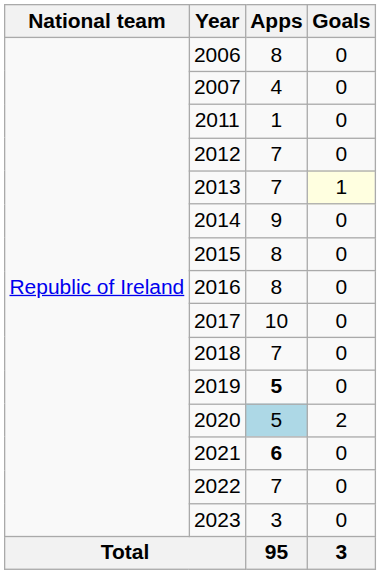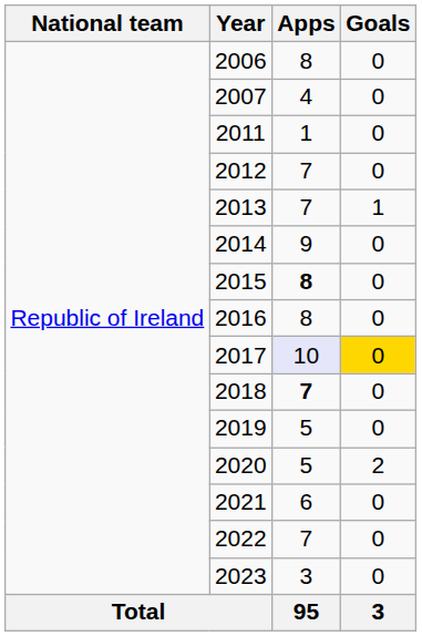 <table class="sortable wikitable" style="text-align:center">
 <tr>
 <th scope="col">National team</th>
 <th scope="col">Year</th>
 <th !scope="col">Apps</th>
 <th !scope="col">Goals</th>
 </tr>
 <tr>
 <td rowspan="15"><a href='#'>Republic of Ireland</a></td>
 <td scope="row">2006</td>
 <td>8</td>
 <td>0</td>
 </tr>
 <tr>
 <td scope="row">2007</td>
 <td>4</td>
 <td>0</td>
 </tr>
 <tr>
 <td scope="row">2011</td>
 <td>1</td>
 <td>0</td>
 </tr>
 <tr>
 <td scope="row">2012</td>
 <td>7</td>
 <td>0</td>
 </tr>
 <tr>
 <td scope="row">2013</td>
 <td>7</td>
-<td style="background: lightyellow;">1</td>
+<td>1</td>
 </tr>
 <tr>
 <td scope="row">2014</td>
 <td>9</td>
 <td>0</td>
 </tr>
 <tr>
 <td scope="row">2015</td>
-<td>8</td>
+<td><strong>8</strong></td>
 <td>0</td>
 </tr>
 <tr>
 <td scope="row">2016</td>
 <td>8</td>
 <td>0</td>
 </tr>
 <tr>
 <td scope="row">2017</td>
-<td>10</td>
-<td>0</td>
+<td style="background: lavender;">10</td>
+<td style="background: gold;">0</td>
 </tr>
 <tr>
 <td scope="row">2018</td>
-<td>7</td>
+<td><strong>7</strong></td>
 <td>0</td>
 </tr>
 <tr>
 <td scope="row">2019</td>
-<td><strong>5</strong></td>
+<td>5</td>
 <td>0</td>
 </tr>
 <tr>
 <td scope="row">2020</td>
-<td style="background: lightblue;">5</td>
+<td>5</td>
 <td>2</td>
 </tr>
 <tr>
 <td scope="row">2021</td>
-<td><strong>6</strong></td>
+<td>6</td>
 <td>0</td>
 </tr>
 <tr>
 <td scope="row">2022</td>
 <td>7</td>
 <td>0</td>
 </tr>
 <tr>
 <td scope="row">2023</td>
 <td>3</td>
 <td>0</td>
 </tr>
 <tr>
 <th colspan="2">Total</th>
 <th>95</th>
 <th>3</th>
 </tr>
 </table>
